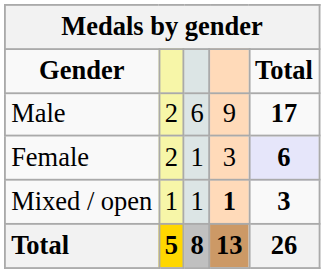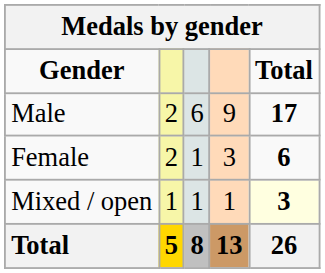 <table class="wikitable" style="text-align:center;font-size:90%">
 <tr style="background:#efefef;">
 <th colspan=7><strong>Medals by gender</strong></th>
 </tr>
 <tr>
 <td><strong>Gender</strong></td>
 <td bgcolor=#f7f6a8></td>
 <td bgcolor=#dce5e5></td>
 <td bgcolor=#ffdab9></td>
 <td><strong>Total</strong></td>
 </tr>
 <tr>
 <td style="text-align:left;">Male</td>
 <td style="background:#F7F6A8;">2</td>
 <td style="background:#DCE5E5;">6</td>
 <td style="background:#FFDAB9;">9</td>
 <td><strong>17</strong></td>
 </tr>
 <tr>
 <td style="text-align:left;">Female</td>
 <td style="background:#F7F6A8;">2</td>
 <td style="background:#DCE5E5;">1</td>
 <td style="background:#FFDAB9;">3</td>
-<td style="background: lavender;"><strong>6</strong></td>
+<td><strong>6</strong></td>
 </tr>
 <tr>
 <td style="text-align:left;">Mixed / open</td>
 <td style="background:#F7F6A8;">1</td>
 <td style="background:#DCE5E5;">1</td>
-<td style="background:#FFDAB9;"><strong>1</strong></td>
-<td><strong>3</strong></td>
+<td style="background:#FFDAB9;">1</td>
+<td style="background: lightyellow;"><strong>3</strong></td>
 </tr>
 <tr>
 <th style="text-align:left;"><strong>Total</strong></th>
 <th style="background:gold;"><strong>5</strong></th>
 <th style="background:silver;"><strong>8</strong></th>
 <th style="background:#c96;"><strong>13</strong></th>
 <th><strong>26</strong></th>
 </tr>
 </table>
